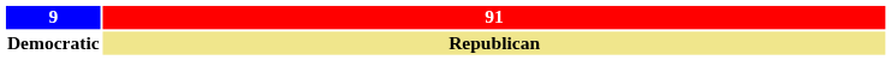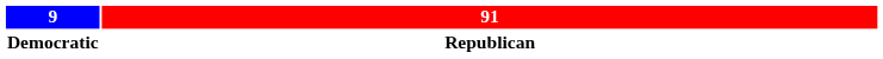 <table style="width:60%; text-align:center;">
 <tr style="color:white;">
 <td style="background:blue; width:9.091%;"><strong>9</strong></td>
 <td style="background:red; width:91.919%;"><strong>91</strong></td>
 </tr>
 <tr>
 <td><span><strong>Democratic</strong></span></td>
-<td style="background: khaki;"><span><strong>Republican</strong></span></td>
+<td><span><strong>Republican</strong></span></td>
 </tr>
 </table>
